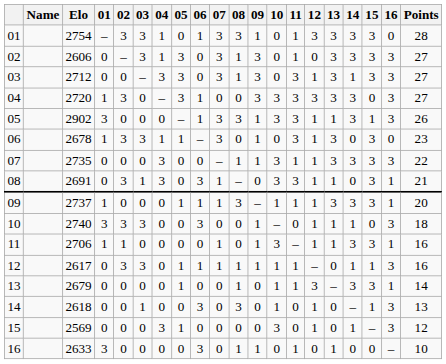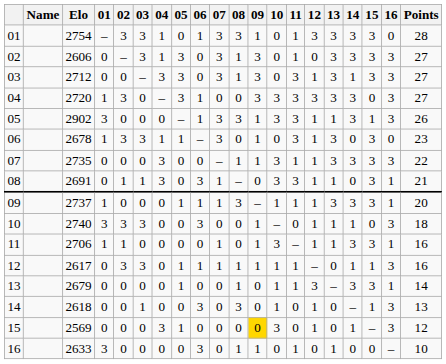 <table class="wikitable" style="text-align:center">
 <tr>
 <th></th>
 <th>Name</th>
 <th>Elo</th>
 <th>01</th>
 <th>02</th>
 <th>03</th>
 <th>04</th>
 <th>05</th>
 <th>06</th>
 <th>07</th>
 <th>08</th>
 <th>09</th>
 <th>10</th>
 <th>11</th>
 <th>12</th>
 <th>13</th>
 <th>14</th>
 <th>15</th>
 <th>16</th>
 <th>Points</th>
 </tr>
 <tr>
 <td>01</td>
 <td style="text-align:left;" data-sort-value="Duda"></td>
 <td>2754</td>
 <td>–</td>
 <td>3</td>
 <td>3</td>
 <td>1</td>
 <td>0</td>
 <td>1</td>
 <td>3</td>
 <td>3</td>
 <td>1</td>
 <td>0</td>
 <td>1</td>
 <td>3</td>
 <td>3</td>
 <td>3</td>
 <td>3</td>
 <td>0</td>
 <td>28</td>
 </tr>
 <tr>
 <td>02</td>
 <td style="text-align:left;" data-sort-value="Gukesh"></td>
 <td>2606</td>
 <td>0</td>
 <td>–</td>
 <td>3</td>
 <td>1</td>
 <td>3</td>
 <td>0</td>
 <td>3</td>
 <td>1</td>
 <td>3</td>
 <td>0</td>
 <td>1</td>
 <td>0</td>
 <td>3</td>
 <td>3</td>
 <td>3</td>
 <td>3</td>
 <td>27</td>
 </tr>
 <tr>
 <td>03</td>
 <td style="text-align:left;" data-sort-value="Mamedyarov"></td>
 <td>2712</td>
 <td>0</td>
 <td>0</td>
 <td>–</td>
 <td>3</td>
 <td>3</td>
 <td>0</td>
 <td>3</td>
 <td>1</td>
 <td>3</td>
 <td>0</td>
 <td>3</td>
 <td>1</td>
 <td>3</td>
 <td>1</td>
 <td>3</td>
 <td>3</td>
 <td>27</td>
 </tr>
 <tr>
 <td>04</td>
 <td style="text-align:left;" data-sort-value="Erigaisi"></td>
 <td>2720</td>
 <td>1</td>
 <td>3</td>
 <td>0</td>
 <td>–</td>
 <td>3</td>
 <td>1</td>
 <td>0</td>
 <td>0</td>
 <td>3</td>
 <td>3</td>
 <td>3</td>
 <td>3</td>
 <td>3</td>
 <td>3</td>
 <td>0</td>
 <td>3</td>
 <td>27</td>
 </tr>
 <tr>
 <td>05</td>
 <td style="text-align:left;" data-sort-value="Carlsen"></td>
 <td>2902</td>
 <td>3</td>
 <td>0</td>
 <td>0</td>
 <td>0</td>
 <td>–</td>
 <td>1</td>
 <td>3</td>
 <td>3</td>
 <td>1</td>
 <td>3</td>
 <td>3</td>
 <td>1</td>
 <td>1</td>
 <td>3</td>
 <td>1</td>
 <td>3</td>
 <td>26</td>
 </tr>
 <tr>
 <td>06</td>
 <td style="text-align:left;" data-sort-value="Abdusattorov"></td>
 <td>2678</td>
 <td>1</td>
 <td>3</td>
 <td>3</td>
 <td>1</td>
 <td>1</td>
 <td>–</td>
 <td>3</td>
 <td>0</td>
 <td>1</td>
 <td>0</td>
 <td>3</td>
 <td>1</td>
 <td>3</td>
 <td>0</td>
 <td>3</td>
 <td>0</td>
 <td>23</td>
 </tr>
 <tr>
 <td>07</td>
 <td style="text-align:left;" data-sort-value="Rapport"></td>
 <td>2735</td>
 <td>0</td>
 <td>0</td>
 <td>0</td>
 <td>3</td>
 <td>0</td>
 <td>0</td>
 <td>–</td>
 <td>1</td>
 <td>1</td>
 <td>3</td>
 <td>1</td>
 <td>1</td>
 <td>3</td>
 <td>3</td>
 <td>3</td>
 <td>3</td>
 <td>22</td>
 </tr>
 <tr>
 <td>08</td>
 <td style="text-align:left;" data-sort-value="Vidit"></td>
 <td>2691</td>
 <td>0</td>
-<td>3</td>
+<td>1</td>
 <td>1</td>
 <td>3</td>
 <td>0</td>
 <td>3</td>
 <td>1</td>
 <td>–</td>
 <td>0</td>
 <td>3</td>
 <td>3</td>
 <td>1</td>
 <td>1</td>
 <td>0</td>
 <td>3</td>
 <td>1</td>
 <td>21</td>
 </tr>
 <tr>
 <td style="border-top: 2px solid #000000;">09</td>
 <td style="text-align:left; border-top: 2px solid #000000;" data-sort-value="Giri"></td>
 <td style="border-top: 2px solid #000000;">2737</td>
 <td style="border-top: 2px solid #000000;">1</td>
 <td style="border-top: 2px solid #000000;">0</td>
 <td style="border-top: 2px solid #000000;">0</td>
 <td style="border-top: 2px solid #000000;">0</td>
 <td style="border-top: 2px solid #000000;">1</td>
 <td style="border-top: 2px solid #000000;">1</td>
 <td style="border-top: 2px solid #000000;">1</td>
 <td style="border-top: 2px solid #000000;">3</td>
 <td style="border-top: 2px solid #000000;">–</td>
 <td style="border-top: 2px solid #000000;">1</td>
 <td style="border-top: 2px solid #000000;">1</td>
 <td style="border-top: 2px solid #000000;">1</td>
 <td style="border-top: 2px solid #000000;">3</td>
 <td style="border-top: 2px solid #000000;">3</td>
 <td style="border-top: 2px solid #000000;">3</td>
 <td style="border-top: 2px solid #000000;">1</td>
 <td style="border-top: 2px solid #000000;">20</td>
 </tr>
 <tr>
 <td>10</td>
 <td style="text-align:left;" data-sort-value="Keymer"></td>
 <td>2740</td>
 <td>3</td>
 <td>3</td>
 <td>3</td>
 <td>0</td>
 <td>0</td>
 <td>3</td>
 <td>0</td>
 <td>0</td>
 <td>1</td>
 <td>–</td>
 <td>0</td>
 <td>1</td>
 <td>1</td>
 <td>1</td>
 <td>0</td>
 <td>3</td>
 <td>18</td>
 </tr>
 <tr>
 <td>11</td>
 <td style="text-align:left;" data-sort-value="Gujarro"></td>
 <td>2706</td>
 <td>1</td>
 <td>1</td>
 <td>0</td>
 <td>0</td>
 <td>0</td>
 <td>0</td>
 <td>1</td>
 <td>0</td>
 <td>1</td>
 <td>3</td>
 <td>–</td>
 <td>1</td>
 <td>1</td>
 <td>3</td>
 <td>3</td>
 <td>1</td>
 <td>16</td>
 </tr>
 <tr>
 <td>12</td>
 <td style="text-align:left;" data-sort-value="Naroditsky"></td>
 <td>2617</td>
 <td>0</td>
 <td>3</td>
 <td>3</td>
 <td>0</td>
 <td>1</td>
 <td>1</td>
 <td>1</td>
 <td>1</td>
 <td>1</td>
 <td>1</td>
 <td>1</td>
 <td>–</td>
 <td>0</td>
 <td>1</td>
 <td>1</td>
 <td>3</td>
 <td>16</td>
 </tr>
 <tr>
 <td>13</td>
 <td style="text-align:left;" data-sort-value="Harikrishna"></td>
 <td>2679</td>
 <td>0</td>
 <td>0</td>
 <td>0</td>
 <td>0</td>
 <td>1</td>
 <td>0</td>
 <td>0</td>
 <td>1</td>
 <td>0</td>
 <td>1</td>
 <td>1</td>
 <td>3</td>
 <td>–</td>
 <td>3</td>
 <td>3</td>
 <td>1</td>
 <td>14</td>
 </tr>
 <tr>
 <td>14</td>
 <td style="text-align:left;" data-sort-value="Hansen"></td>
 <td>2618</td>
 <td>0</td>
 <td>0</td>
 <td>1</td>
 <td>0</td>
 <td>0</td>
 <td>3</td>
 <td>0</td>
 <td>3</td>
 <td>0</td>
 <td>1</td>
 <td>0</td>
 <td>1</td>
 <td>0</td>
 <td>–</td>
 <td>1</td>
 <td>3</td>
 <td>13</td>
 </tr>
 <tr>
 <td>15</td>
 <td style="text-align:left;" data-sort-value="Mittal"></td>
 <td>2569</td>
 <td>0</td>
 <td>0</td>
 <td>0</td>
 <td>3</td>
 <td>1</td>
 <td>0</td>
 <td>0</td>
 <td>0</td>
-<td>0</td>
+<td style="background: gold;">0</td>
 <td>3</td>
 <td>0</td>
 <td>1</td>
 <td>0</td>
 <td>1</td>
 <td>–</td>
 <td>3</td>
 <td>12</td>
 </tr>
 <tr>
 <td>16</td>
 <td style="text-align:left;" data-sort-value="Grandelius"></td>
 <td>2633</td>
 <td>3</td>
 <td>0</td>
 <td>0</td>
 <td>0</td>
 <td>0</td>
 <td>3</td>
 <td>0</td>
 <td>1</td>
 <td>1</td>
 <td>0</td>
 <td>1</td>
 <td>0</td>
 <td>1</td>
 <td>0</td>
 <td>0</td>
 <td>–</td>
 <td>10</td>
 </tr>
 </table>
